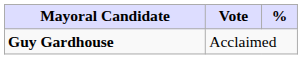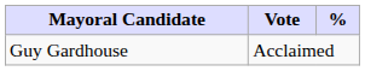 <table class="wikitable">
 <tr>
 <th style="background:#ddf; width:200px;">Mayoral Candidate </th>
 <th style="background:#ddf; width:50px;">Vote</th>
 <th style="background:#ddf; width:30px;">%</th>
 </tr>
 <tr>
-<td><strong>Guy Gardhouse</strong></td>
+<td>Guy Gardhouse</td>
 <td colspan="2">Acclaimed</td>
 </tr>
 </table>
